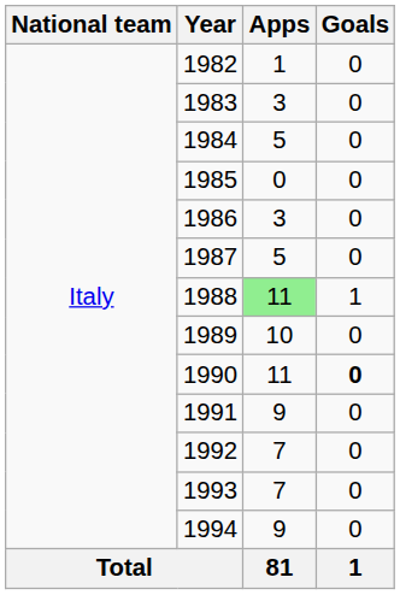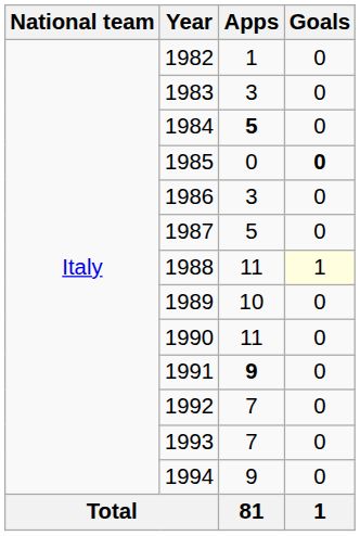 <table class="wikitable" style="text-align:center">
 <tr>
 <th>National team</th>
 <th>Year</th>
 <th>Apps</th>
 <th>Goals</th>
 </tr>
 <tr>
 <td rowspan="13"><a href='#'>Italy</a></td>
 <td>1982</td>
 <td>1</td>
 <td>0</td>
 </tr>
 <tr>
 <td>1983</td>
 <td>3</td>
 <td>0</td>
 </tr>
 <tr>
 <td>1984</td>
-<td>5</td>
+<td><strong>5</strong></td>
 <td>0</td>
 </tr>
 <tr>
 <td>1985</td>
 <td>0</td>
-<td>0</td>
+<td><strong>0</strong></td>
 </tr>
 <tr>
 <td>1986</td>
 <td>3</td>
 <td>0</td>
 </tr>
 <tr>
 <td>1987</td>
 <td>5</td>
 <td>0</td>
 </tr>
 <tr>
 <td>1988</td>
-<td style="background: lightgreen;">11</td>
-<td>1</td>
+<td>11</td>
+<td style="background: lightyellow;">1</td>
 </tr>
 <tr>
 <td>1989</td>
 <td>10</td>
 <td>0</td>
 </tr>
 <tr>
 <td>1990</td>
 <td>11</td>
-<td><strong>0</strong></td>
+<td>0</td>
 </tr>
 <tr>
 <td>1991</td>
-<td>9</td>
+<td><strong>9</strong></td>
 <td>0</td>
 </tr>
 <tr>
 <td>1992</td>
 <td>7</td>
 <td>0</td>
 </tr>
 <tr>
 <td>1993</td>
 <td>7</td>
 <td>0</td>
 </tr>
 <tr>
 <td>1994</td>
 <td>9</td>
 <td>0</td>
 </tr>
 <tr>
 <th colspan="2">Total</th>
 <th>81</th>
 <th>1</th>
 </tr>
 </table>
